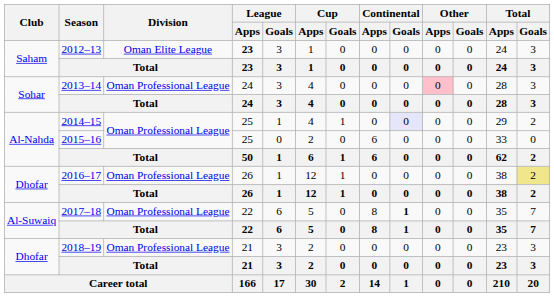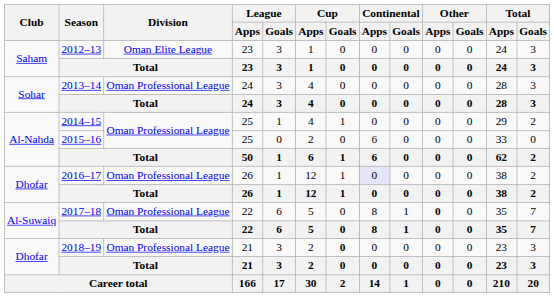 <table class="wikitable" style="text-align: center;">
 <tr>
 <th rowspan="2">Club</th>
 <th rowspan="2">Season</th>
 <th rowspan="2">Division</th>
 <th colspan="2">League</th>
 <th colspan="2">Cup</th>
 <th colspan="2">Continental</th>
 <th colspan="2">Other</th>
 <th colspan="2">Total</th>
 </tr>
 <tr>
 <th>Apps</th>
 <th>Goals</th>
 <th>Apps</th>
 <th>Goals</th>
 <th>Apps</th>
 <th>Goals</th>
 <th>Apps</th>
 <th>Goals</th>
 <th>Apps</th>
 <th>Goals</th>
 </tr>
 <tr>
 <td rowspan="2"><a href='#'>Saham</a></td>
 <td><a href='#'>2012–13</a></td>
 <td rowspan="1"><a href='#'>Oman Elite League</a></td>
-<td><strong>23</strong></td>
+<td>23</td>
 <td>3</td>
 <td>1</td>
 <td>0</td>
 <td>0</td>
 <td>0</td>
 <td>0</td>
 <td>0</td>
 <td>24</td>
 <td>3</td>
 </tr>
 <tr>
 <th colspan="2">Total</th>
 <th>23</th>
 <th>3</th>
 <th>1</th>
 <th>0</th>
 <th>0</th>
 <th>0</th>
 <th>0</th>
 <th>0</th>
 <th>24</th>
 <th>3</th>
 </tr>
 <tr>
 <td rowspan="2"><a href='#'>Sohar</a></td>
 <td><a href='#'>2013–14</a></td>
 <td rowspan="1"><a href='#'>Oman Professional League</a></td>
 <td>24</td>
 <td>3</td>
 <td>4</td>
 <td>0</td>
 <td>0</td>
 <td>0</td>
-<td style="background: pink;">0</td>
+<td>0</td>
 <td>0</td>
 <td>28</td>
 <td>3</td>
 </tr>
 <tr>
 <th colspan="2">Total</th>
 <th>24</th>
 <th>3</th>
 <th>4</th>
 <th>0</th>
 <th>0</th>
 <th>0</th>
 <th>0</th>
 <th>0</th>
 <th>28</th>
 <th>3</th>
 </tr>
 <tr>
 <td rowspan="3"><a href='#'>Al-Nahda</a></td>
 <td><a href='#'>2014–15</a></td>
 <td rowspan="2"><a href='#'>Oman Professional League</a></td>
 <td>25</td>
 <td>1</td>
 <td>4</td>
 <td>1</td>
 <td>0</td>
-<td style="background: lavender;">0</td>
+<td>0</td>
 <td>0</td>
 <td>0</td>
 <td>29</td>
 <td>2</td>
 </tr>
 <tr>
 <td><a href='#'>2015–16</a></td>
 <td>25</td>
 <td>0</td>
 <td>2</td>
 <td>0</td>
 <td>6</td>
 <td>0</td>
 <td>0</td>
 <td>0</td>
 <td>33</td>
 <td>0</td>
 </tr>
 <tr>
 <th colspan="2">Total</th>
 <th>50</th>
 <th>1</th>
 <th>6</th>
 <th>1</th>
 <th>6</th>
 <th>0</th>
 <th>0</th>
 <th>0</th>
 <th>62</th>
 <th>2</th>
 </tr>
 <tr>
 <td rowspan="2"><a href='#'>Dhofar</a></td>
 <td><a href='#'>2016–17</a></td>
 <td rowspan="1"><a href='#'>Oman Professional League</a></td>
 <td>26</td>
 <td>1</td>
 <td>12</td>
 <td>1</td>
-<td>0</td>
+<td style="background: lavender;">0</td>
 <td>0</td>
 <td>0</td>
 <td>0</td>
 <td>38</td>
-<td style="background: khaki;">2</td>
+<td>2</td>
 </tr>
 <tr>
 <th colspan="2">Total</th>
 <th>26</th>
 <th>1</th>
 <th>12</th>
 <th>1</th>
 <th>0</th>
 <th>0</th>
 <th>0</th>
 <th>0</th>
 <th>38</th>
 <th>2</th>
 </tr>
 <tr>
 <td rowspan="2"><a href='#'>Al-Suwaiq</a></td>
 <td><a href='#'>2017–18</a></td>
 <td rowspan="1"><a href='#'>Oman Professional League</a></td>
 <td>22</td>
 <td>6</td>
 <td>5</td>
 <td>0</td>
 <td>8</td>
-<td><strong>1</strong></td>
-<td>0</td>
+<td>1</td>
+<td><strong>0</strong></td>
 <td>0</td>
 <td>35</td>
 <td>7</td>
 </tr>
 <tr>
 <th colspan="2">Total</th>
 <th>22</th>
 <th>6</th>
 <th>5</th>
 <th>0</th>
 <th>8</th>
 <th>1</th>
 <th>0</th>
 <th>0</th>
 <th>35</th>
 <th>7</th>
 </tr>
 <tr>
 <td rowspan="2"><a href='#'>Dhofar</a></td>
 <td><a href='#'>2018–19</a></td>
 <td rowspan="1"><a href='#'>Oman Professional League</a></td>
 <td>21</td>
 <td>3</td>
 <td>2</td>
-<td>0</td>
+<td><strong>0</strong></td>
 <td>0</td>
 <td>0</td>
 <td>0</td>
 <td>0</td>
 <td>23</td>
 <td>3</td>
 </tr>
 <tr>
 <th colspan="2">Total</th>
 <th>21</th>
 <th>3</th>
 <th>2</th>
 <th>0</th>
 <th>0</th>
 <th>0</th>
 <th>0</th>
 <th>0</th>
 <th>23</th>
 <th>3</th>
 </tr>
 <tr>
 <th colspan="3">Career total</th>
 <th>166</th>
 <th>17</th>
 <th>30</th>
 <th>2</th>
 <th>14</th>
 <th>1</th>
 <th>0</th>
 <th>0</th>
 <th>210</th>
 <th>20</th>
 </tr>
 </table>
